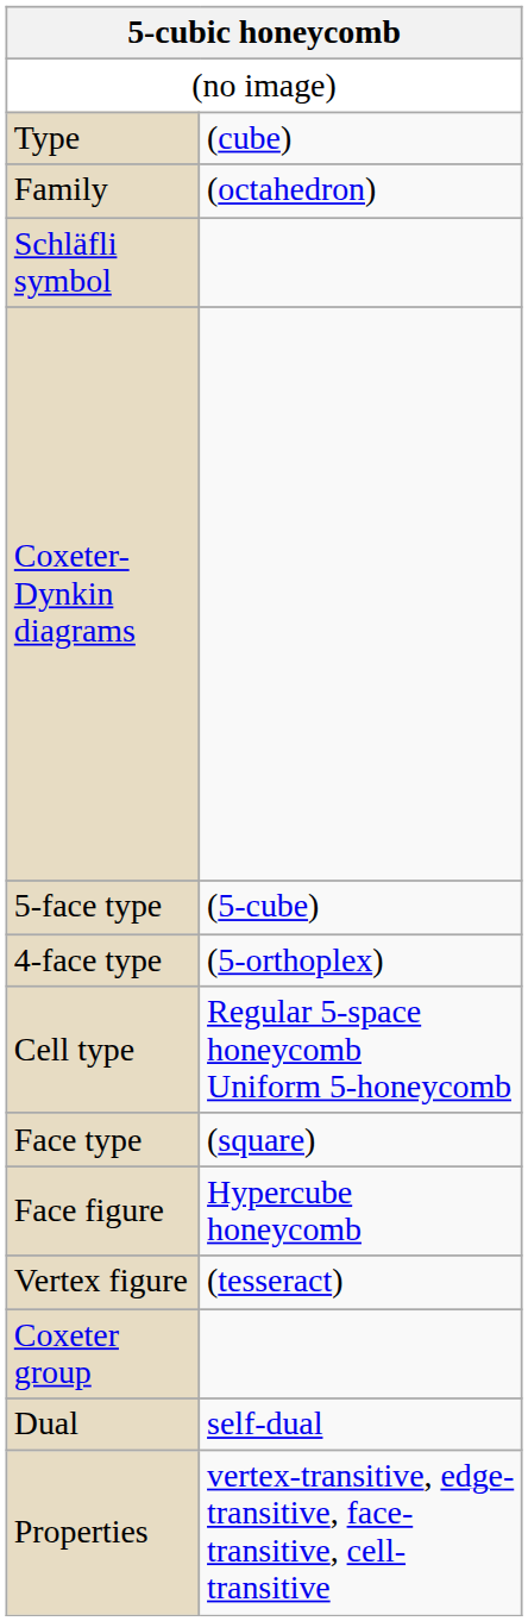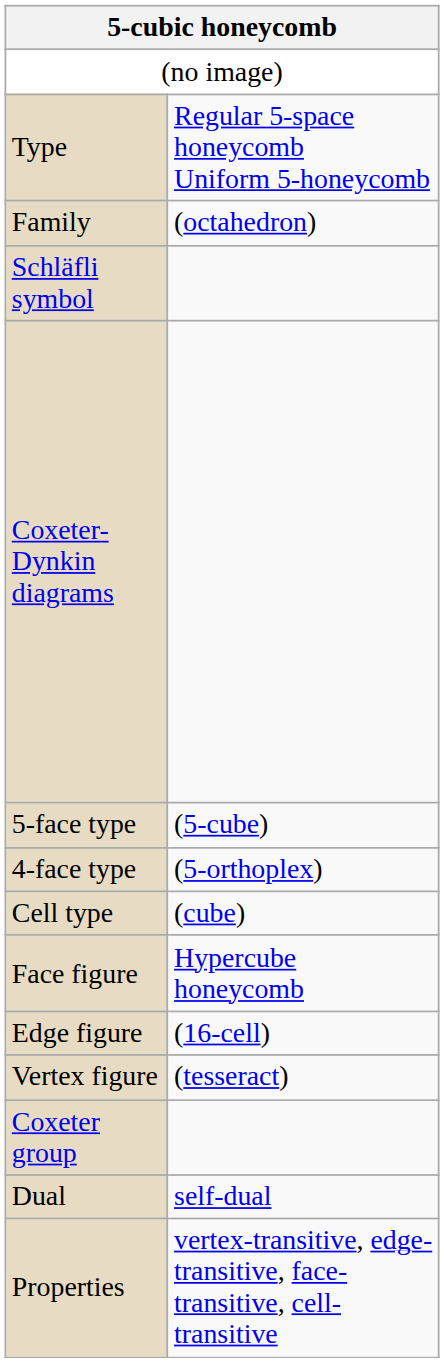 <table class="wikitable" align="right" style="margin-left:10px" width="250">
 <tr>
 <th bgcolor=#e7dcc3 colspan=2>5-cubic honeycomb</th>
 </tr>
 <tr>
 <td bgcolor=#ffffff align=center colspan=2>(no image)</td>
 </tr>
 <tr>
 <td bgcolor=#e7dcc3>Type</td>
-<td> (<a href='#'>cube</a>)</td>
+<td><a href='#'>Regular 5-space honeycomb</a><br><a href='#'>Uniform 5-honeycomb</a></td>
 </tr>
 <tr>
 <td bgcolor=#e7dcc3>Family</td>
 <td> (<a href='#'>octahedron</a>)</td>
 </tr>
 <tr>
 <td bgcolor=#e7dcc3><a href='#'>Schläfli symbol</a></td>
 <td></td>
 </tr>
 <tr>
 <td bgcolor=#e7dcc3><a href='#'>Coxeter-Dynkin diagrams</a></td>
 <td><br><br><br><br><br> <br><br> <br><br> <br><br> <br> <br> <br> <br></td>
 </tr>
 <tr>
 <td bgcolor=#e7dcc3>5-face type</td>
 <td> (<a href='#'>5-cube</a>)</td>
 </tr>
 <tr>
 <td bgcolor=#e7dcc3>4-face type</td>
 <td> (<a href='#'>5-orthoplex</a>)</td>
 </tr>
 <tr>
 <td bgcolor=#e7dcc3>Cell type</td>
-<td><a href='#'>Regular 5-space honeycomb</a><br><a href='#'>Uniform 5-honeycomb</a></td>
-</tr>
-<tr>
-<td bgcolor=#e7dcc3>Face type</td>
-<td> (<a href='#'>square</a>)</td>
+<td> (<a href='#'>cube</a>)</td>
 </tr>
 <tr>
 <td bgcolor=#e7dcc3>Face figure</td>
 <td><a href='#'>Hypercube honeycomb</a></td>
+</tr>
+<tr>
+<td bgcolor=#e7dcc3>Edge figure</td>
+<td> (<a href='#'>16-cell</a>)</td>
 </tr>
 <tr>
 <td bgcolor=#e7dcc3>Vertex figure</td>
 <td> (<a href='#'>tesseract</a>)</td>
 </tr>
 <tr>
 <td bgcolor=#e7dcc3><a href='#'>Coxeter group</a></td>
 <td><br></td>
 </tr>
 <tr>
 <td bgcolor=#e7dcc3>Dual</td>
 <td><a href='#'>self-dual</a></td>
 </tr>
 <tr>
 <td bgcolor=#e7dcc3>Properties</td>
 <td><a href='#'>vertex-transitive</a>, <a href='#'>edge-transitive</a>, <a href='#'>face-transitive</a>, <a href='#'>cell-transitive</a></td>
 </tr>
 </table>
